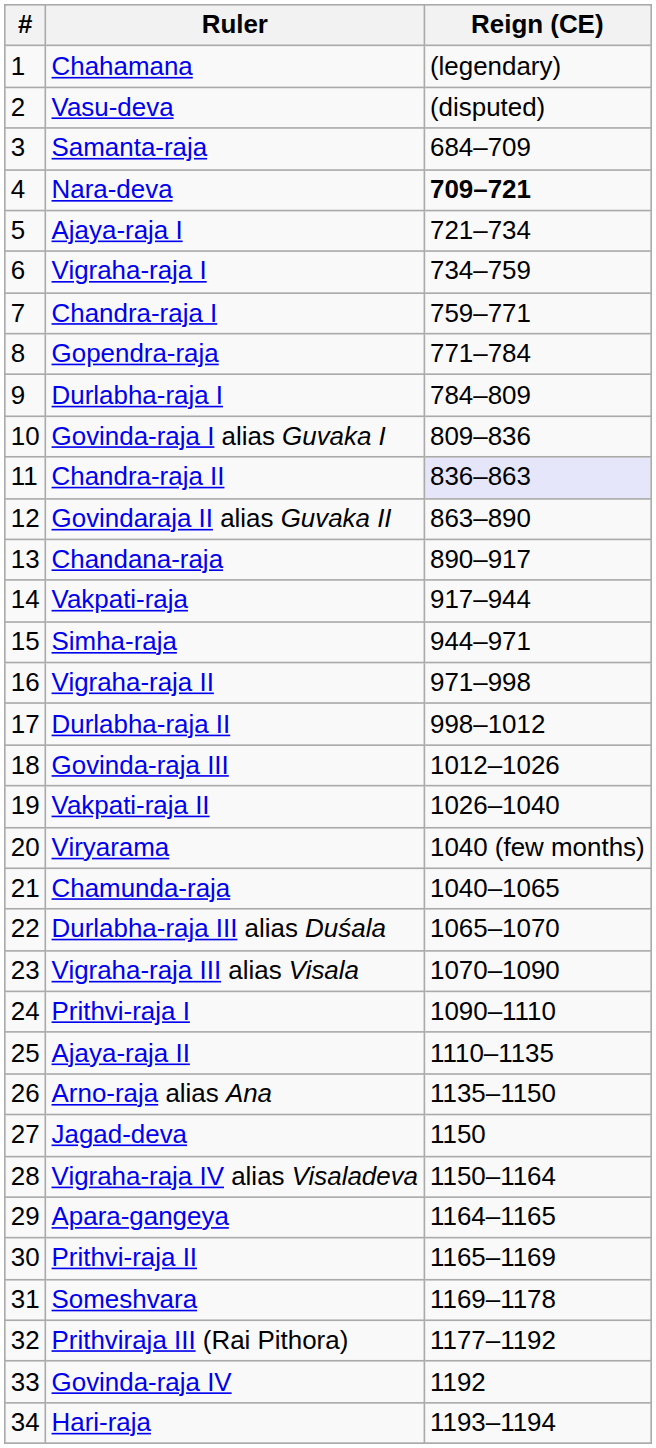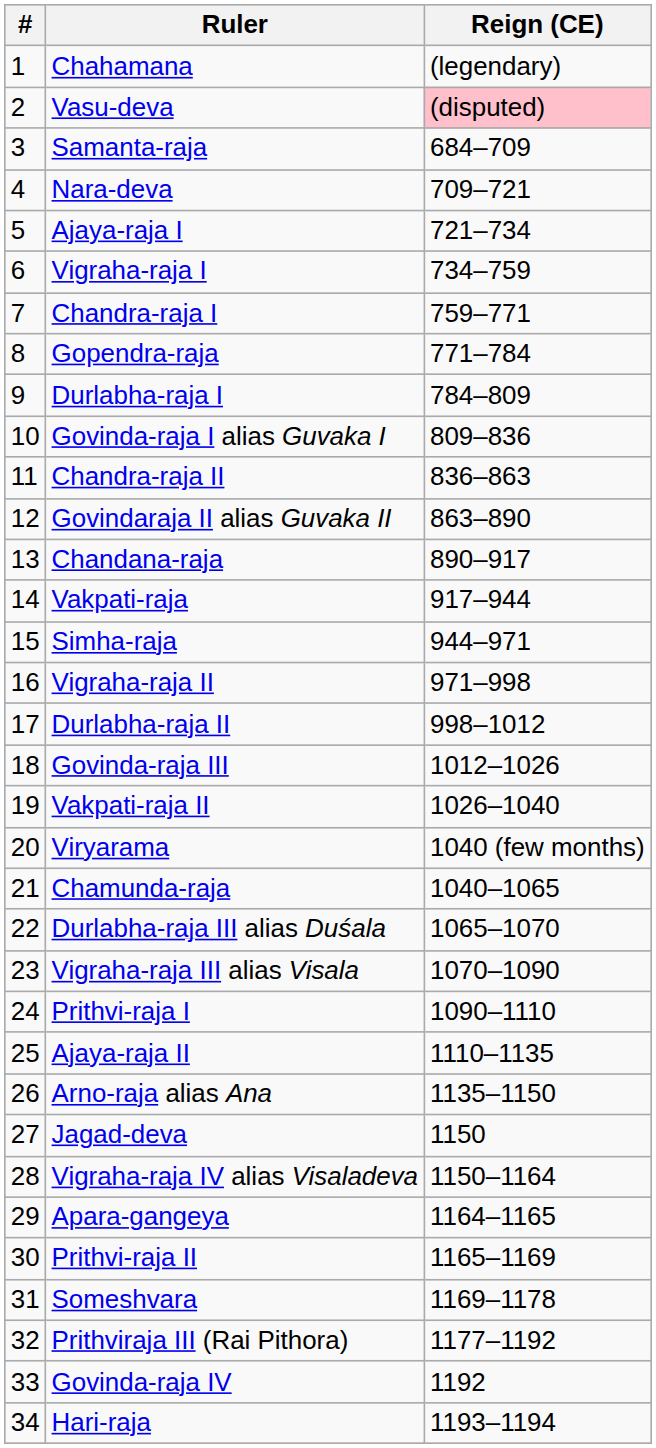 <table class="wikitable">
 <tr>
 <th>#</th>
 <th>Ruler</th>
 <th>Reign (CE)</th>
 </tr>
 <tr>
 <td>1</td>
 <td><a href='#'>Chahamana</a></td>
 <td>(legendary)</td>
 </tr>
 <tr>
 <td>2</td>
 <td><a href='#'>Vasu-deva</a></td>
-<td> (disputed)</td>
+<td style="background: pink;"> (disputed)</td>
 </tr>
 <tr>
 <td>3</td>
 <td><a href='#'>Samanta-raja</a></td>
 <td>684–709</td>
 </tr>
 <tr>
 <td>4</td>
 <td><a href='#'>Nara-deva</a></td>
-<td><strong>709–721</strong></td>
+<td>709–721</td>
 </tr>
 <tr>
 <td>5</td>
 <td><a href='#'>Ajaya-raja I</a></td>
 <td>721–734</td>
 </tr>
 <tr>
 <td>6</td>
 <td><a href='#'>Vigraha-raja I</a></td>
 <td>734–759</td>
 </tr>
 <tr>
 <td>7</td>
 <td><a href='#'>Chandra-raja I</a></td>
 <td>759–771</td>
 </tr>
 <tr>
 <td>8</td>
 <td><a href='#'>Gopendra-raja</a></td>
 <td>771–784</td>
 </tr>
 <tr>
 <td>9</td>
 <td><a href='#'>Durlabha-raja I</a></td>
 <td>784–809</td>
 </tr>
 <tr>
 <td>10</td>
 <td><a href='#'>Govinda-raja I</a> alias <em>Guvaka I</em></td>
 <td>809–836</td>
 </tr>
 <tr>
 <td>11</td>
 <td><a href='#'>Chandra-raja II</a></td>
-<td style="background: lavender;">836–863</td>
+<td>836–863</td>
 </tr>
 <tr>
 <td>12</td>
 <td><a href='#'>Govindaraja II</a> alias <em>Guvaka II</em></td>
 <td>863–890</td>
 </tr>
 <tr>
 <td>13</td>
 <td><a href='#'>Chandana-raja</a></td>
 <td>890–917</td>
 </tr>
 <tr>
 <td>14</td>
 <td><a href='#'>Vakpati-raja</a></td>
 <td>917–944</td>
 </tr>
 <tr>
 <td>15</td>
 <td><a href='#'>Simha-raja</a></td>
 <td>944–971</td>
 </tr>
 <tr>
 <td>16</td>
 <td><a href='#'>Vigraha-raja II</a></td>
 <td>971–998</td>
 </tr>
 <tr>
 <td>17</td>
 <td><a href='#'>Durlabha-raja II</a></td>
 <td>998–1012</td>
 </tr>
 <tr>
 <td>18</td>
 <td><a href='#'>Govinda-raja III</a></td>
 <td>1012–1026</td>
 </tr>
 <tr>
 <td>19</td>
 <td><a href='#'>Vakpati-raja II</a></td>
 <td>1026–1040</td>
 </tr>
 <tr>
 <td>20</td>
 <td><a href='#'>Viryarama</a></td>
 <td>1040 (few months)</td>
 </tr>
 <tr>
 <td>21</td>
 <td><a href='#'>Chamunda-raja</a></td>
 <td>1040–1065</td>
 </tr>
 <tr>
 <td>22</td>
 <td><a href='#'>Durlabha-raja III</a> alias <em>Duśala</em></td>
 <td>1065–1070</td>
 </tr>
 <tr>
 <td>23</td>
 <td><a href='#'>Vigraha-raja III</a> alias <em>Visala</em></td>
 <td>1070–1090</td>
 </tr>
 <tr>
 <td>24</td>
 <td><a href='#'>Prithvi-raja I</a></td>
 <td>1090–1110</td>
 </tr>
 <tr>
 <td>25</td>
 <td><a href='#'>Ajaya-raja II</a></td>
 <td>1110–1135</td>
 </tr>
 <tr>
 <td>26</td>
 <td><a href='#'>Arno-raja</a> alias <em>Ana</em></td>
 <td>1135–1150</td>
 </tr>
 <tr>
 <td>27</td>
 <td><a href='#'>Jagad-deva</a></td>
 <td>1150</td>
 </tr>
 <tr>
 <td>28</td>
 <td><a href='#'>Vigraha-raja IV</a> alias <em>Visaladeva</em></td>
 <td>1150–1164</td>
 </tr>
 <tr>
 <td>29</td>
 <td><a href='#'>Apara-gangeya</a></td>
 <td>1164–1165</td>
 </tr>
 <tr>
 <td>30</td>
 <td><a href='#'>Prithvi-raja II</a></td>
 <td>1165–1169</td>
 </tr>
 <tr>
 <td>31</td>
 <td><a href='#'>Someshvara</a></td>
 <td>1169–1178</td>
 </tr>
 <tr>
 <td>32</td>
 <td><a href='#'>Prithviraja III</a> (Rai Pithora)</td>
 <td>1177–1192</td>
 </tr>
 <tr>
 <td>33</td>
 <td><a href='#'>Govinda-raja IV</a></td>
 <td>1192</td>
 </tr>
 <tr>
 <td>34</td>
 <td><a href='#'>Hari-raja</a></td>
 <td>1193–1194</td>
 </tr>
 <tr>
 </tr>
 </table>
